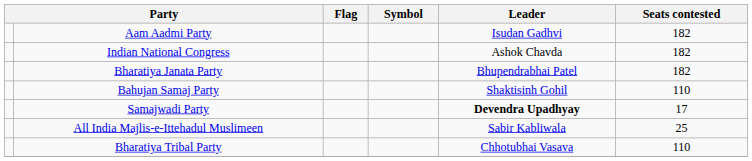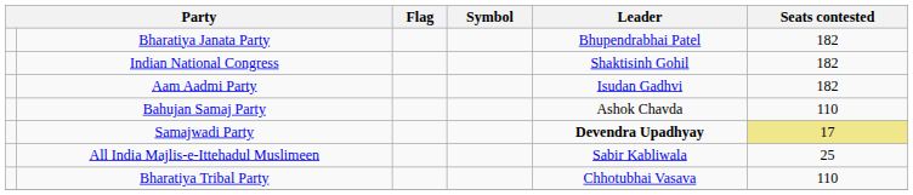 <table class="wikitable" width="50%" style="text-align:center;">
 <tr>
 <th colspan="2">Party</th>
 <th>Flag</th>
 <th>Symbol</th>
 <th>Leader</th>
 <th>Seats contested</th>
+</tr>
+<tr>
+<td></td>
+<td><a href='#'>Bharatiya Janata Party</a></td>
+<td></td>
+<td></td>
+<td><a href='#'>Bhupendrabhai Patel</a></td>
+<td>182</td>
+</tr>
+<tr>
+<td></td>
+<td><a href='#'>Indian National Congress</a></td>
+<td></td>
+<td></td>
+<td><a href='#'>Shaktisinh Gohil</a></td>
+<td>182</td>
 </tr>
 <tr>
 <td></td>
 <td><a href='#'>Aam Aadmi Party</a></td>
 <td></td>
 <td></td>
 <td><a href='#'>Isudan Gadhvi</a></td>
 <td>182</td>
 </tr>
 <tr>
 <td></td>
-<td><a href='#'>Indian National Congress</a></td>
+<td><a href='#'>Bahujan Samaj Party</a></td>
 <td></td>
 <td></td>
 <td>Ashok Chavda</td>
-<td>182</td>
-</tr>
-<tr>
-<td></td>
-<td><a href='#'>Bharatiya Janata Party</a></td>
-<td></td>
-<td></td>
-<td><a href='#'>Bhupendrabhai Patel</a></td>
-<td>182</td>
-</tr>
-<tr>
-<td></td>
-<td><a href='#'>Bahujan Samaj Party</a></td>
-<td></td>
-<td></td>
-<td><a href='#'>Shaktisinh Gohil</a></td>
 <td>110</td>
 </tr>
 <tr>
 <td></td>
 <td><a href='#'>Samajwadi Party</a></td>
 <td></td>
 <td></td>
 <td><strong>Devendra Upadhyay</strong></td>
-<td>17</td>
+<td style="background: khaki;">17</td>
 </tr>
 <tr>
 <td></td>
 <td><a href='#'>All India Majlis-e-Ittehadul Muslimeen</a></td>
 <td></td>
 <td></td>
 <td><a href='#'>Sabir Kabliwala</a></td>
 <td>25</td>
 </tr>
 <tr>
 <td></td>
 <td><a href='#'>Bharatiya Tribal Party</a></td>
 <td></td>
 <td></td>
 <td><a href='#'>Chhotubhai Vasava</a></td>
 <td>110</td>
 </tr>
 <tr>
 </tr>
 </table>
